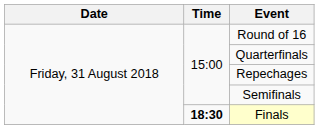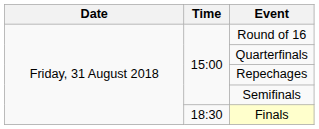 <table class = "wikitable" style="text-align:center;">
 <tr>
 <th width=220>Date</th>
 <th width=50>Time</th>
 <th width=100>Event</th>
 </tr>
 <tr>
 <td rowspan=5>Friday, 31 August 2018</td>
 <td rowspan=4>15:00</td>
 <td>Round of 16</td>
 </tr>
 <tr>
 <td>Quarterfinals</td>
 </tr>
 <tr>
 <td>Repechages</td>
 </tr>
 <tr>
 <td>Semifinals</td>
 </tr>
 <tr>
-<td><strong>18:30</strong></td>
+<td>18:30</td>
 <td bgcolor=ffffcc>Finals</td>
 </tr>
 </table>
